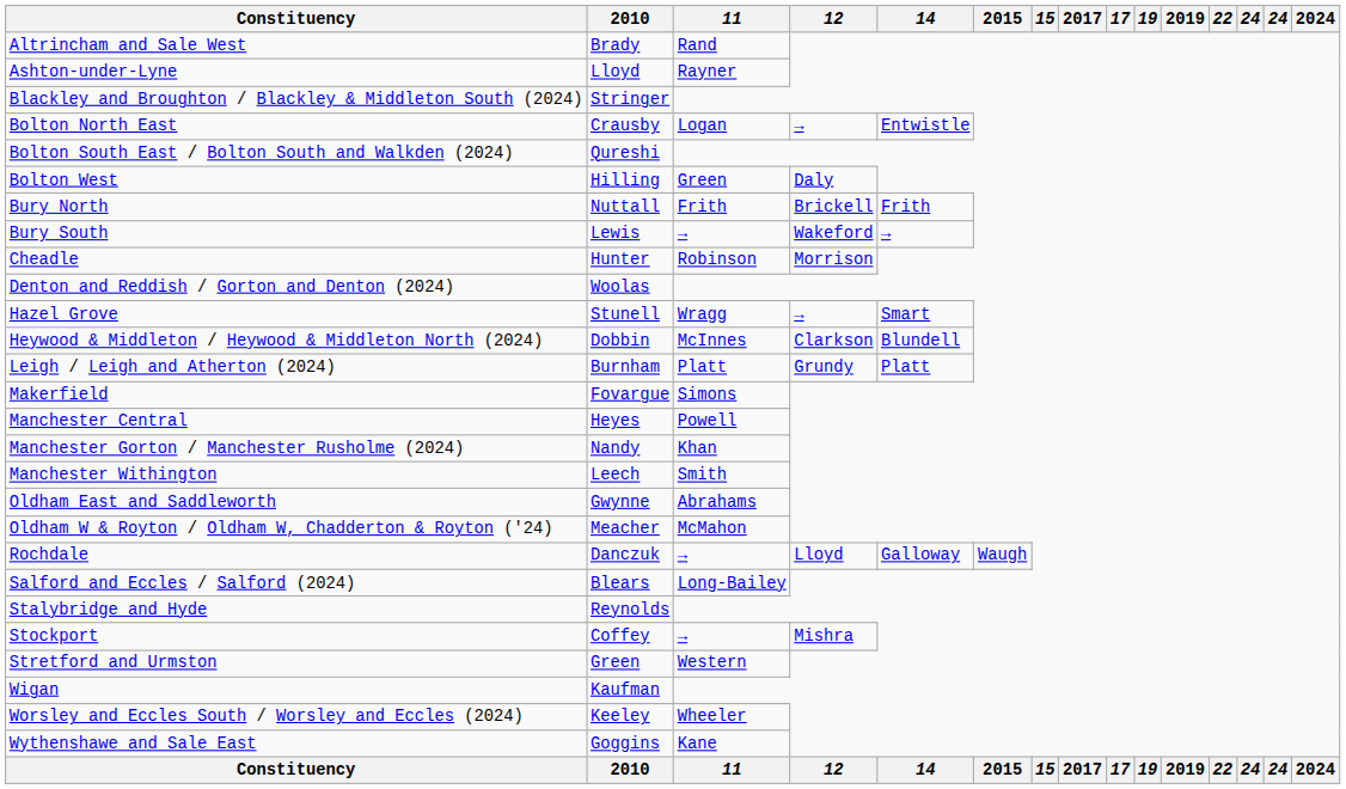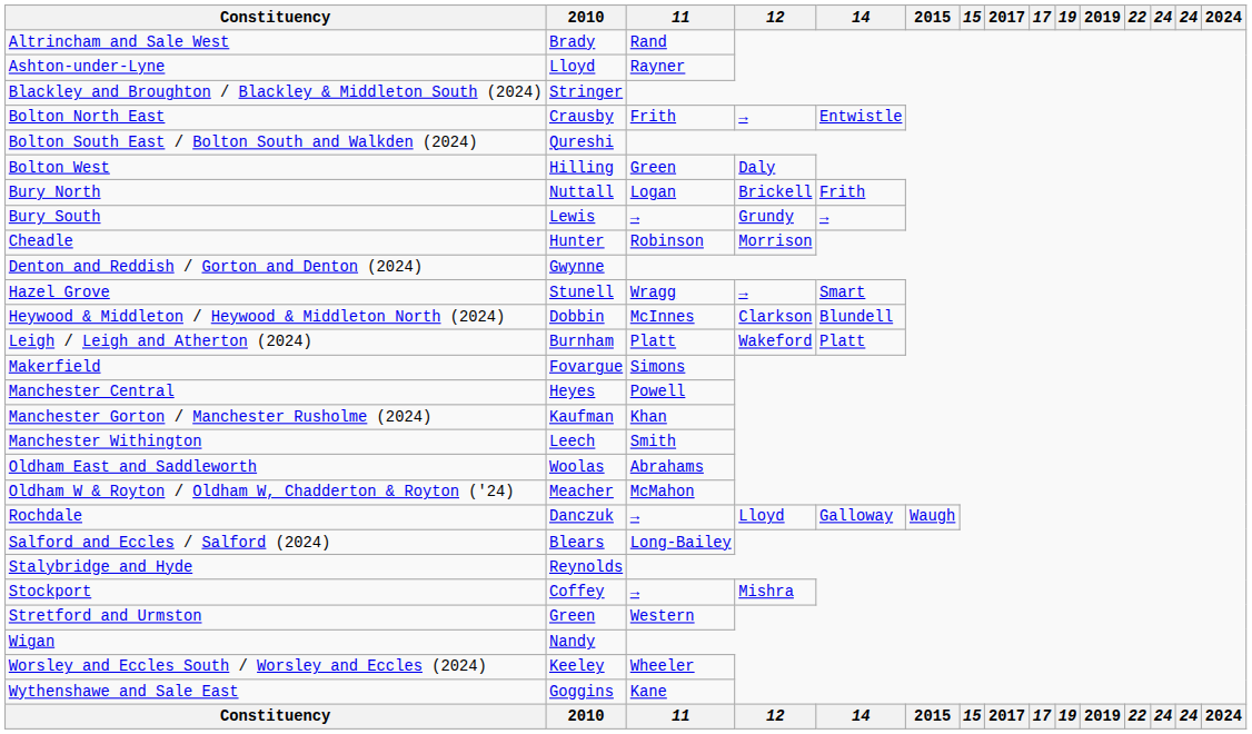 <table class="wikitable">
 <tr>
 <th>Constituency</th>
 <th>2010</th>
 <th><em>11</em></th>
 <th><em>12</em></th>
 <th><em>14</em></th>
 <th>2015</th>
 <th><em>15</em></th>
 <th>2017</th>
 <th><em>17</em></th>
 <th><em>19</em></th>
 <th>2019</th>
 <th><em>22</em></th>
 <th><em>24</em></th>
 <th><em>24</em></th>
 <th>2024</th>
 </tr>
 <tr>
 <td><a href='#'>Altrincham and Sale West</a></td>
 <td><a href='#'>Brady</a></td>
 <td><a href='#'>Rand</a></td>
 </tr>
 <tr>
 <td><a href='#'>Ashton-under-Lyne</a></td>
 <td><a href='#'>Lloyd</a></td>
 <td><a href='#'>Rayner</a></td>
 </tr>
 <tr>
 <td><a href='#'>Blackley and Broughton</a> / <a href='#'>Blackley & Middleton South</a> (2024)</td>
 <td><a href='#'>Stringer</a></td>
 </tr>
 <tr>
 <td><a href='#'>Bolton North East</a></td>
 <td><a href='#'>Crausby</a></td>
-<td><a href='#'>Logan</a></td>
+<td><a href='#'>Frith</a></td>
 <td><a href='#'>→</a></td>
 <td><a href='#'>Entwistle</a></td>
 </tr>
 <tr>
 <td><a href='#'>Bolton South East</a> / <a href='#'>Bolton South and Walkden</a> (2024)</td>
 <td><a href='#'>Qureshi</a></td>
 </tr>
 <tr>
 <td><a href='#'>Bolton West</a></td>
 <td><a href='#'>Hilling</a></td>
 <td><a href='#'>Green</a></td>
 <td><a href='#'>Daly</a></td>
 </tr>
 <tr>
 <td><a href='#'>Bury North</a></td>
 <td><a href='#'>Nuttall</a></td>
-<td><a href='#'>Frith</a></td>
+<td><a href='#'>Logan</a></td>
 <td><a href='#'>Brickell</a></td>
 <td><a href='#'>Frith</a></td>
 </tr>
 <tr>
 <td><a href='#'>Bury South</a></td>
 <td><a href='#'>Lewis</a></td>
 <td><a href='#'>→</a></td>
-<td><a href='#'>Wakeford</a></td>
+<td><a href='#'>Grundy</a></td>
 <td><a href='#'>→</a></td>
 </tr>
 <tr>
 <td><a href='#'>Cheadle</a></td>
 <td><a href='#'>Hunter</a></td>
 <td><a href='#'>Robinson</a></td>
 <td><a href='#'>Morrison</a></td>
 </tr>
 <tr>
 <td><a href='#'>Denton and Reddish</a> / <a href='#'>Gorton and Denton</a> (2024)</td>
-<td><a href='#'>Woolas</a></td>
+<td><a href='#'>Gwynne</a></td>
 </tr>
 <tr>
 <td><a href='#'>Hazel Grove</a></td>
 <td><a href='#'>Stunell</a></td>
 <td><a href='#'>Wragg</a></td>
 <td><a href='#'>→</a></td>
 <td><a href='#'>Smart</a></td>
 </tr>
 <tr>
 <td><a href='#'>Heywood & Middleton</a> / <a href='#'>Heywood & Middleton North</a> (2024)</td>
 <td><a href='#'>Dobbin</a></td>
 <td><a href='#'>McInnes</a></td>
 <td><a href='#'>Clarkson</a></td>
 <td><a href='#'>Blundell</a></td>
 </tr>
 <tr>
 <td><a href='#'>Leigh</a> / <a href='#'>Leigh and Atherton</a> (2024)</td>
 <td><a href='#'>Burnham</a></td>
 <td><a href='#'>Platt</a></td>
-<td><a href='#'>Grundy</a></td>
+<td><a href='#'>Wakeford</a></td>
 <td><a href='#'>Platt</a></td>
 </tr>
 <tr>
 <td><a href='#'>Makerfield</a></td>
 <td><a href='#'>Fovargue</a></td>
 <td><a href='#'>Simons</a></td>
 </tr>
 <tr>
 <td><a href='#'>Manchester Central</a></td>
 <td><a href='#'>Heyes</a></td>
 <td><a href='#'>Powell</a></td>
 </tr>
 <tr>
 <td><a href='#'>Manchester Gorton</a> / <a href='#'>Manchester Rusholme</a> (2024)</td>
-<td><a href='#'>Nandy</a></td>
+<td><a href='#'>Kaufman</a></td>
 <td><a href='#'>Khan</a></td>
 </tr>
 <tr>
 <td><a href='#'>Manchester Withington</a></td>
 <td><a href='#'>Leech</a></td>
 <td><a href='#'>Smith</a></td>
 </tr>
 <tr>
 <td><a href='#'>Oldham East and Saddleworth</a></td>
-<td><a href='#'>Gwynne</a></td>
+<td><a href='#'>Woolas</a></td>
 <td><a href='#'>Abrahams</a></td>
 </tr>
 <tr>
 <td><a href='#'>Oldham W & Royton</a> / <a href='#'>Oldham W, Chadderton & Royton</a> ('24)</td>
 <td><a href='#'>Meacher</a></td>
 <td><a href='#'>McMahon</a></td>
 </tr>
 <tr>
 <td><a href='#'>Rochdale</a></td>
 <td><a href='#'>Danczuk</a></td>
 <td><a href='#'>→</a></td>
 <td><a href='#'>Lloyd</a></td>
 <td><a href='#'>Galloway</a></td>
 <td><a href='#'>Waugh</a></td>
 </tr>
 <tr>
 <td><a href='#'>Salford and Eccles</a> / <a href='#'>Salford</a> (2024)</td>
 <td><a href='#'>Blears</a></td>
 <td><a href='#'>Long-Bailey</a></td>
 </tr>
 <tr>
 <td><a href='#'>Stalybridge and Hyde</a></td>
 <td><a href='#'>Reynolds</a></td>
 </tr>
 <tr>
 <td><a href='#'>Stockport</a></td>
 <td><a href='#'>Coffey</a></td>
 <td><a href='#'>→</a></td>
 <td><a href='#'>Mishra</a></td>
 </tr>
 <tr>
 <td><a href='#'>Stretford and Urmston</a></td>
 <td><a href='#'>Green</a></td>
 <td><a href='#'>Western</a></td>
 </tr>
 <tr>
 <td><a href='#'>Wigan</a></td>
-<td><a href='#'>Kaufman</a></td>
+<td><a href='#'>Nandy</a></td>
 </tr>
 <tr>
 <td><a href='#'>Worsley and Eccles South</a> / <a href='#'>Worsley and Eccles</a> (2024)</td>
 <td><a href='#'>Keeley</a></td>
 <td><a href='#'>Wheeler</a></td>
 </tr>
 <tr>
 <td><a href='#'>Wythenshawe and Sale East</a></td>
 <td><a href='#'>Goggins</a></td>
 <td><a href='#'>Kane</a></td>
 </tr>
 <tr>
 <th>Constituency</th>
 <th>2010</th>
 <th><em>11</em></th>
 <th><em>12</em></th>
 <th><em>14</em></th>
 <th>2015</th>
 <th><em>15</em></th>
 <th>2017</th>
 <th><em>17</em></th>
 <th><em>19</em></th>
 <th>2019</th>
 <th><em>22</em></th>
 <th><em>24</em></th>
 <th><em>24</em></th>
 <th>2024</th>
 </tr>
 </table>
